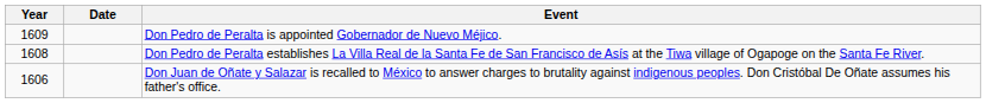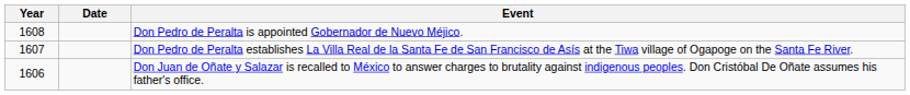 <table class="wikitable" style="width:100%;">
 <tr>
 <th style="width:6%">Year</th>
 <th style="width:8%">Date</th>
 <th style="width:86%">Event</th>
 </tr>
 <tr>
-<td align=center>1609</td>
+<td align=center>1608</td>
 <td align=center> </td>
 <td><a href='#'>Don Pedro de Peralta</a> is appointed <a href='#'>Gobernador de Nuevo Méjico</a>.</td>
 </tr>
 <tr>
-<td align=center>1608</td>
+<td align=center>1607</td>
 <td align=center> </td>
 <td><a href='#'>Don Pedro de Peralta</a> establishes <a href='#'>La Villa Real de la Santa Fe de San Francisco de Asís</a> at the <a href='#'>Tiwa</a> village of Ogapoge on the <a href='#'>Santa Fe River</a>.</td>
 </tr>
 <tr>
 <td align=center>1606</td>
 <td align=center> </td>
 <td><a href='#'>Don Juan de Oñate y Salazar</a> is recalled to <a href='#'>México</a> to answer charges to brutality against <a href='#'>indigenous peoples</a>.  Don Cristóbal De Oñate assumes his father's office.</td>
 </tr>
 </table>
